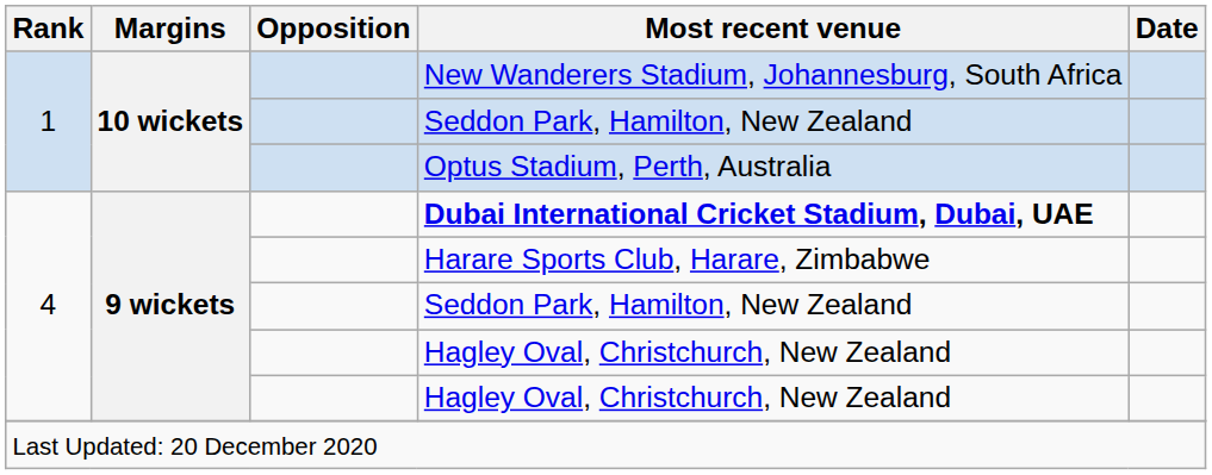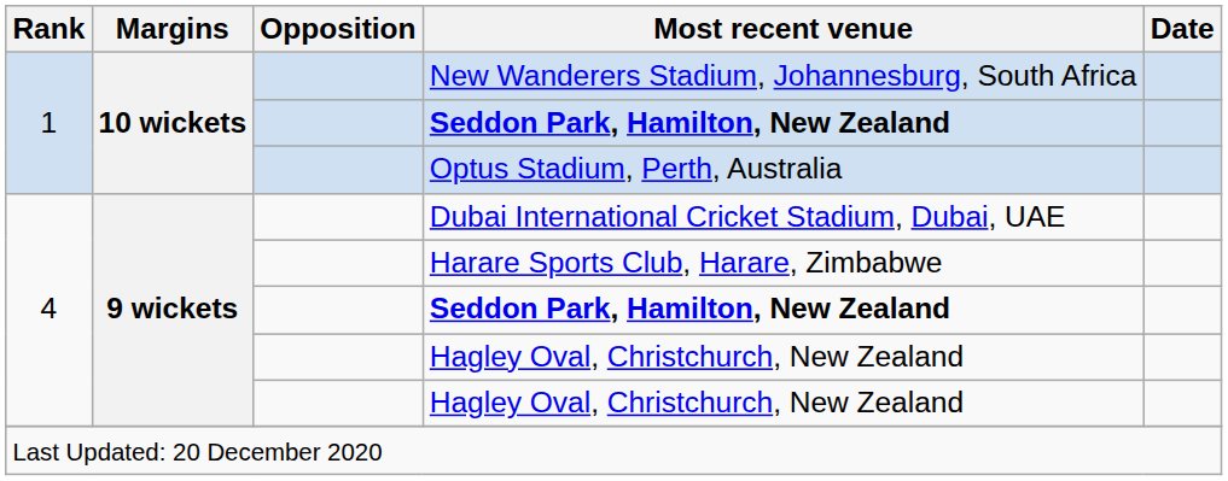 <table class="wikitable plainrowheaders sortable">
 <tr>
 <th scope=col>Rank</th>
 <th scope=col>Margins</th>
 <th scope=col>Opposition</th>
 <th scope=col>Most recent venue</th>
 <th scope=col>Date</th>
 </tr>
 <tr bgcolor=#cee0f2>
 <td align=center rowspan=3>1</td>
 <th scope=row style=text-align:center rowspan=3>10 wickets</th>
 <td></td>
 <td><a href='#'>New Wanderers Stadium</a>, <a href='#'>Johannesburg</a>, South Africa</td>
 <td></td>
 </tr>
 <tr bgcolor=#cee0f2>
 <td></td>
-<td><a href='#'>Seddon Park</a>, <a href='#'>Hamilton</a>, New Zealand</td>
+<td><strong><a href='#'>Seddon Park</a>, <a href='#'>Hamilton</a>, New Zealand</strong></td>
 <td></td>
 </tr>
 <tr bgcolor=#cee0f2>
 <td></td>
 <td><a href='#'>Optus Stadium</a>, <a href='#'>Perth</a>, Australia</td>
 <td></td>
 </tr>
 <tr>
 <td align=center rowspan=5>4</td>
 <th scope=row style=text-align:center rowspan=5>9 wickets</th>
 <td></td>
-<td><strong><a href='#'>Dubai International Cricket Stadium</a>, <a href='#'>Dubai</a>, UAE</strong></td>
+<td><a href='#'>Dubai International Cricket Stadium</a>, <a href='#'>Dubai</a>, UAE</td>
 <td></td>
 </tr>
 <tr>
 <td></td>
 <td><a href='#'>Harare Sports Club</a>, <a href='#'>Harare</a>, Zimbabwe</td>
 <td></td>
 </tr>
 <tr>
 <td></td>
-<td><a href='#'>Seddon Park</a>, <a href='#'>Hamilton</a>, New Zealand</td>
+<td><strong><a href='#'>Seddon Park</a>, <a href='#'>Hamilton</a>, New Zealand</strong></td>
 <td></td>
 </tr>
 <tr>
 <td></td>
 <td><a href='#'>Hagley Oval</a>, <a href='#'>Christchurch</a>, New Zealand</td>
 <td></td>
 </tr>
 <tr>
 <td></td>
 <td><a href='#'>Hagley Oval</a>, <a href='#'>Christchurch</a>, New Zealand</td>
 <td></td>
 </tr>
 <tr>
 </tr>
 <tr class=sortbottom>
 <td colspan=5><small>Last Updated: 20 December 2020</small></td>
 </tr>
 </table>
